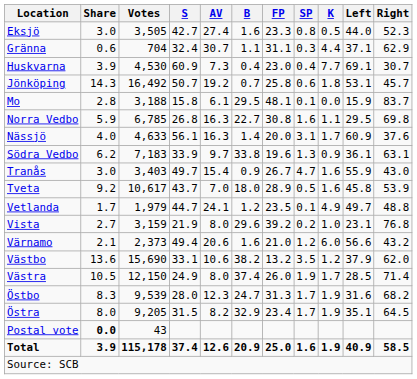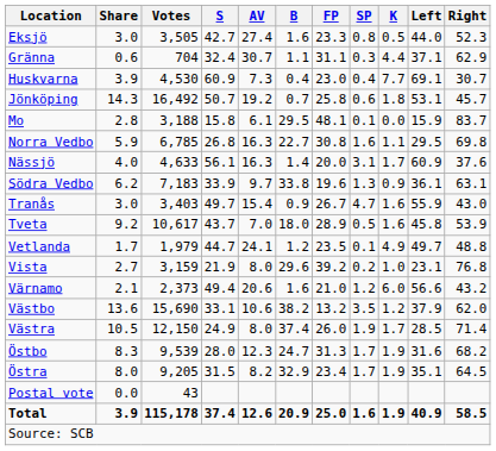 <table class="wikitable sortable" style=text-align:right>
 <tr>
 <th>Location</th>
 <th>Share</th>
 <th>Votes</th>
 <th><a href='#'>S</a></th>
 <th><a href='#'>AV</a></th>
 <th><a href='#'>B</a></th>
 <th><a href='#'>FP</a></th>
 <th><a href='#'>SP</a></th>
 <th><a href='#'>K</a></th>
 <th>Left</th>
 <th>Right</th>
 </tr>
 <tr>
 <td align=left><a href='#'>Eksjö</a></td>
 <td>3.0</td>
 <td>3,505</td>
 <td>42.7</td>
 <td>27.4</td>
 <td>1.6</td>
 <td>23.3</td>
 <td>0.8</td>
 <td>0.5</td>
 <td>44.0</td>
 <td>52.3</td>
 </tr>
 <tr>
 <td align=left><a href='#'>Gränna</a></td>
 <td>0.6</td>
 <td>704</td>
 <td>32.4</td>
 <td>30.7</td>
 <td>1.1</td>
 <td>31.1</td>
 <td>0.3</td>
 <td>4.4</td>
 <td>37.1</td>
 <td>62.9</td>
 </tr>
 <tr>
 <td align=left><a href='#'>Huskvarna</a></td>
 <td>3.9</td>
 <td>4,530</td>
 <td>60.9</td>
 <td>7.3</td>
 <td>0.4</td>
 <td>23.0</td>
 <td>0.4</td>
 <td>7.7</td>
 <td>69.1</td>
 <td>30.7</td>
 </tr>
 <tr>
 <td align=left><a href='#'>Jönköping</a></td>
 <td>14.3</td>
 <td>16,492</td>
 <td>50.7</td>
 <td>19.2</td>
 <td>0.7</td>
 <td>25.8</td>
 <td>0.6</td>
 <td>1.8</td>
 <td>53.1</td>
 <td>45.7</td>
 </tr>
 <tr>
 <td align=left><a href='#'>Mo</a></td>
 <td>2.8</td>
 <td>3,188</td>
 <td>15.8</td>
 <td>6.1</td>
 <td>29.5</td>
 <td>48.1</td>
 <td>0.1</td>
 <td>0.0</td>
 <td>15.9</td>
 <td>83.7</td>
 </tr>
 <tr>
 <td align=left><a href='#'>Norra Vedbo</a></td>
 <td>5.9</td>
 <td>6,785</td>
 <td>26.8</td>
 <td>16.3</td>
 <td>22.7</td>
 <td>30.8</td>
 <td>1.6</td>
 <td>1.1</td>
 <td>29.5</td>
 <td>69.8</td>
 </tr>
 <tr>
 <td align=left><a href='#'>Nässjö</a></td>
 <td>4.0</td>
 <td>4,633</td>
 <td>56.1</td>
 <td>16.3</td>
 <td>1.4</td>
 <td>20.0</td>
 <td>3.1</td>
 <td>1.7</td>
 <td>60.9</td>
 <td>37.6</td>
 </tr>
 <tr>
 <td align=left><a href='#'>Södra Vedbo</a></td>
 <td>6.2</td>
 <td>7,183</td>
 <td>33.9</td>
 <td>9.7</td>
 <td>33.8</td>
 <td>19.6</td>
 <td>1.3</td>
 <td>0.9</td>
 <td>36.1</td>
 <td>63.1</td>
 </tr>
 <tr>
 <td align=left><a href='#'>Tranås</a></td>
 <td>3.0</td>
 <td>3,403</td>
 <td>49.7</td>
 <td>15.4</td>
 <td>0.9</td>
 <td>26.7</td>
 <td>4.7</td>
 <td>1.6</td>
 <td>55.9</td>
 <td>43.0</td>
 </tr>
 <tr>
 <td align=left><a href='#'>Tveta</a></td>
 <td>9.2</td>
 <td>10,617</td>
 <td>43.7</td>
 <td>7.0</td>
 <td>18.0</td>
 <td>28.9</td>
 <td>0.5</td>
 <td>1.6</td>
 <td>45.8</td>
 <td>53.9</td>
 </tr>
 <tr>
 <td align=left><a href='#'>Vetlanda</a></td>
 <td>1.7</td>
 <td>1,979</td>
 <td>44.7</td>
 <td>24.1</td>
 <td>1.2</td>
 <td>23.5</td>
 <td>0.1</td>
 <td>4.9</td>
 <td>49.7</td>
 <td>48.8</td>
 </tr>
 <tr>
 <td align=left><a href='#'>Vista</a></td>
 <td>2.7</td>
 <td>3,159</td>
 <td>21.9</td>
 <td>8.0</td>
 <td>29.6</td>
 <td>39.2</td>
 <td>0.2</td>
 <td>1.0</td>
 <td>23.1</td>
 <td>76.8</td>
 </tr>
 <tr>
 <td align=left><a href='#'>Värnamo</a></td>
 <td>2.1</td>
 <td>2,373</td>
 <td>49.4</td>
 <td>20.6</td>
 <td>1.6</td>
 <td>21.0</td>
 <td>1.2</td>
 <td>6.0</td>
 <td>56.6</td>
 <td>43.2</td>
 </tr>
 <tr>
 <td align=left><a href='#'>Västbo</a></td>
 <td>13.6</td>
 <td>15,690</td>
 <td>33.1</td>
 <td>10.6</td>
 <td>38.2</td>
 <td>13.2</td>
 <td>3.5</td>
 <td>1.2</td>
 <td>37.9</td>
 <td>62.0</td>
 </tr>
 <tr>
 <td align=left><a href='#'>Västra</a></td>
 <td>10.5</td>
 <td>12,150</td>
 <td>24.9</td>
 <td>8.0</td>
 <td>37.4</td>
 <td>26.0</td>
 <td>1.9</td>
 <td>1.7</td>
 <td>28.5</td>
 <td>71.4</td>
 </tr>
 <tr>
 <td align=left><a href='#'>Östbo</a></td>
 <td>8.3</td>
 <td>9,539</td>
 <td>28.0</td>
 <td>12.3</td>
 <td>24.7</td>
 <td>31.3</td>
 <td>1.7</td>
 <td>1.9</td>
 <td>31.6</td>
 <td>68.2</td>
 </tr>
 <tr>
 <td align=left><a href='#'>Östra</a></td>
 <td>8.0</td>
 <td>9,205</td>
 <td>31.5</td>
 <td>8.2</td>
 <td>32.9</td>
 <td>23.4</td>
 <td>1.7</td>
 <td>1.9</td>
 <td>35.1</td>
 <td>64.5</td>
 </tr>
 <tr>
 <td align=left><a href='#'>Postal vote</a></td>
-<td><strong>0.0</strong></td>
+<td>0.0</td>
 <td>43</td>
 <td></td>
 <td></td>
 <td></td>
 <td></td>
 <td></td>
 <td></td>
 <td></td>
 <td></td>
 </tr>
 <tr>
 <td align=left><strong>Total</strong></td>
 <td><strong>3.9</strong></td>
 <td><strong>115,178</strong></td>
 <td><strong>37.4</strong></td>
 <td><strong>12.6</strong></td>
 <td><strong>20.9</strong></td>
 <td><strong>25.0</strong></td>
 <td><strong>1.6</strong></td>
 <td><strong>1.9</strong></td>
 <td><strong>40.9</strong></td>
 <td><strong>58.5</strong></td>
 </tr>
 <tr>
 <td align=left colspan=11>Source: SCB </td>
 </tr>
 </table>
